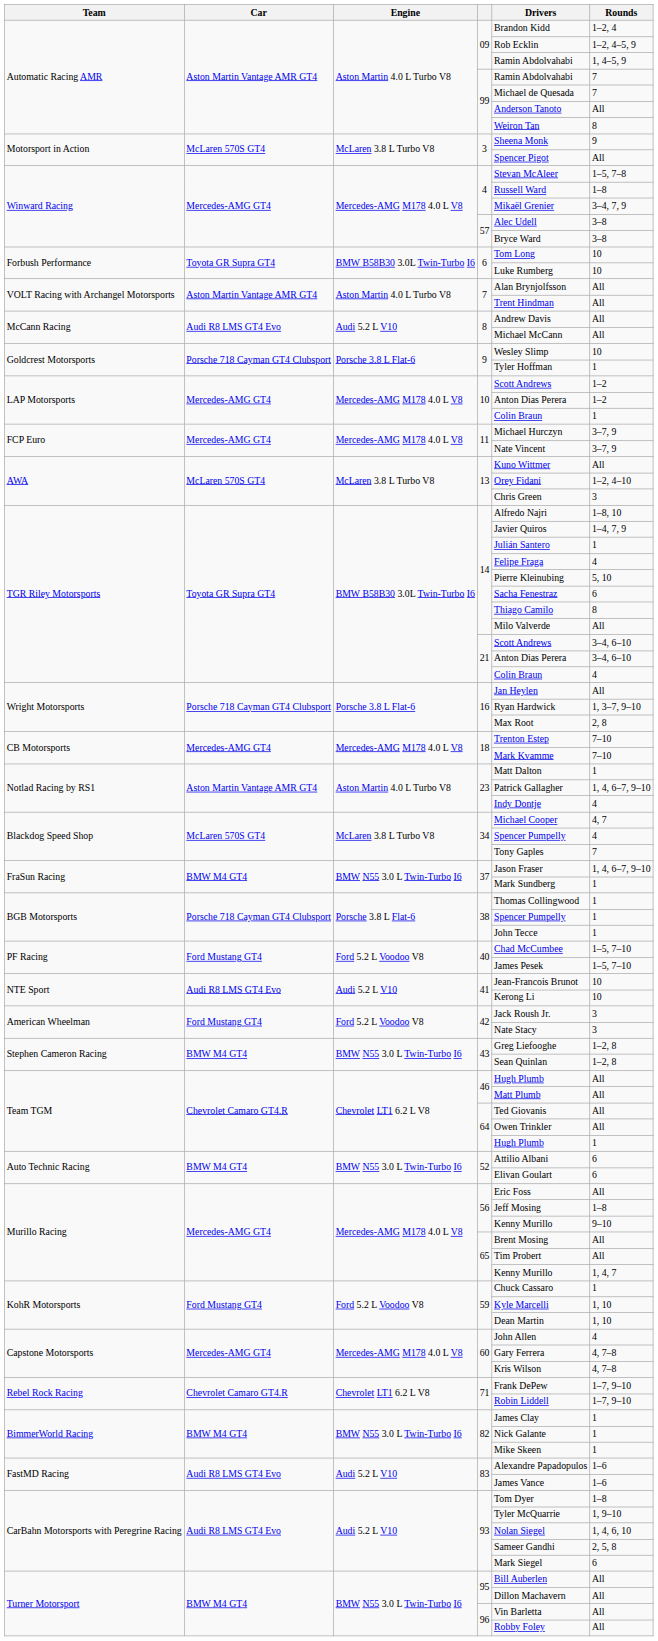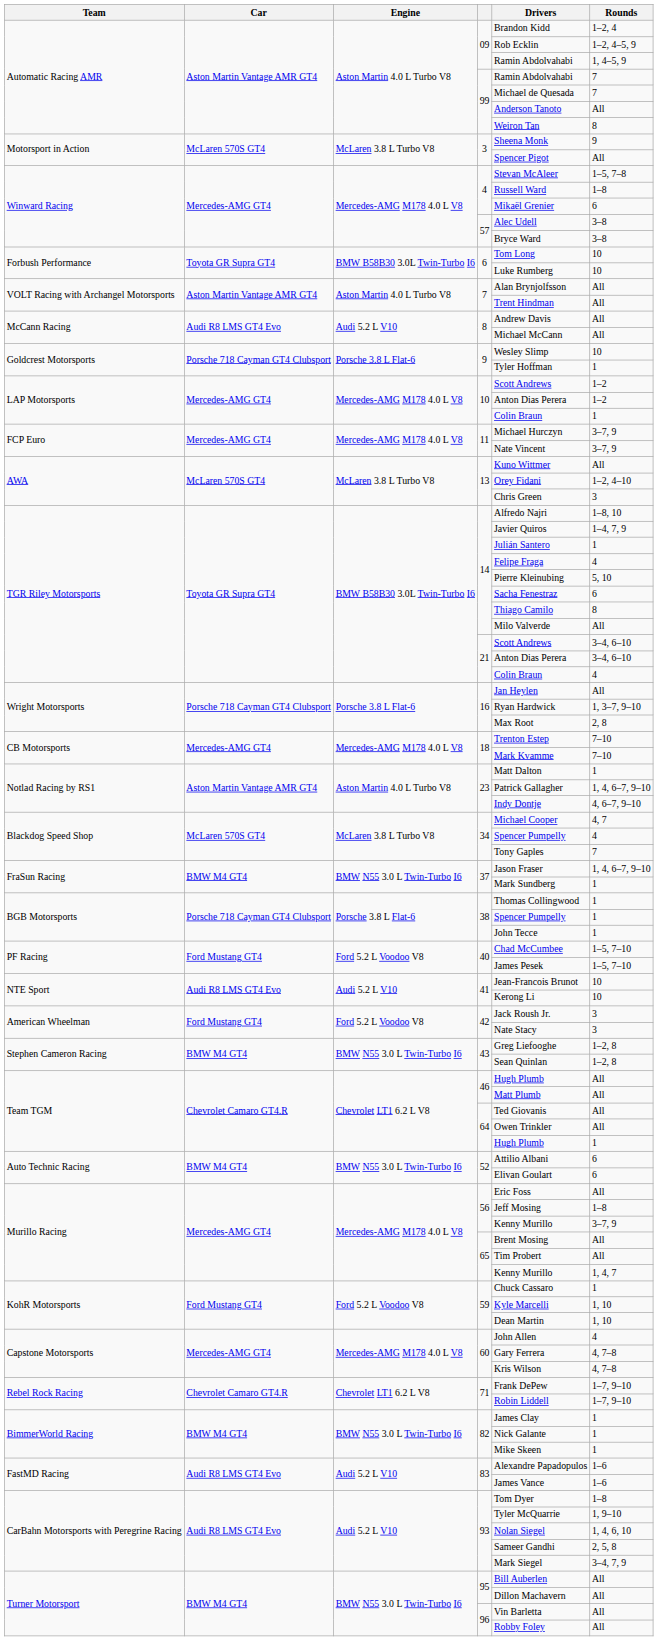 <table class="wikitable" style="font-size: 85%">
 <tr>
 <th>Team</th>
 <th>Car</th>
 <th>Engine</th>
 <th></th>
 <th>Drivers</th>
 <th>Rounds</th>
 </tr>
 <tr>
 <td rowspan="7"> Automatic Racing <a href='#'>AMR</a></td>
 <td rowspan="7"><a href='#'>Aston Martin Vantage AMR GT4</a></td>
 <td rowspan="7"><a href='#'>Aston Martin</a> 4.0 L Turbo V8</td>
 <td rowspan=3 align="center">09</td>
 <td> Brandon Kidd</td>
 <td>1–2, 4</td>
 </tr>
 <tr>
 <td> Rob Ecklin</td>
 <td>1–2, 4–5, 9</td>
 </tr>
 <tr>
 <td> Ramin Abdolvahabi</td>
 <td>1, 4–5, 9</td>
 </tr>
 <tr>
 <td rowspan="4" align="center">99</td>
 <td> Ramin Abdolvahabi</td>
 <td>7</td>
 </tr>
 <tr>
 <td> Michael de Quesada</td>
 <td>7</td>
 </tr>
 <tr>
 <td> <a href='#'>Anderson Tanoto</a></td>
 <td>All</td>
 </tr>
 <tr>
 <td> <a href='#'>Weiron Tan</a></td>
 <td>8</td>
 </tr>
 <tr>
 <td rowspan="2"> Motorsport in Action</td>
 <td rowspan="2"><a href='#'>McLaren 570S GT4</a></td>
 <td rowspan="2"><a href='#'>McLaren</a> 3.8 L Turbo V8</td>
 <td rowspan="2" align="center">3</td>
 <td> <a href='#'>Sheena Monk</a></td>
 <td>9</td>
 </tr>
 <tr>
 <td> <a href='#'>Spencer Pigot</a></td>
 <td>All</td>
 </tr>
 <tr>
 <td rowspan="5"> <a href='#'>Winward Racing</a></td>
 <td rowspan="5"><a href='#'>Mercedes-AMG GT4</a></td>
 <td rowspan="5"><a href='#'>Mercedes-AMG</a> <a href='#'>M178</a> 4.0 L <a href='#'>V8</a></td>
 <td rowspan="3" align="center">4</td>
 <td> <a href='#'>Stevan McAleer</a></td>
 <td>1–5, 7–8</td>
 </tr>
 <tr>
 <td> <a href='#'>Russell Ward</a></td>
 <td>1–8</td>
 </tr>
 <tr>
 <td> <a href='#'>Mikaël Grenier</a></td>
-<td>3–4, 7, 9</td>
+<td>6</td>
 </tr>
 <tr>
 <td rowspan="2" align="center">57</td>
 <td> <a href='#'>Alec Udell</a></td>
 <td>3–8</td>
 </tr>
 <tr>
 <td> Bryce Ward</td>
 <td>3–8</td>
 </tr>
 <tr>
 <td rowspan="2"> Forbush Performance</td>
 <td rowspan="2"><a href='#'>Toyota GR Supra GT4</a></td>
 <td rowspan="2"><a href='#'>BMW B58B30</a> 3.0L <a href='#'>Twin-Turbo</a> <a href='#'>I6</a></td>
 <td rowspan="2" align="center">6</td>
 <td> <a href='#'>Tom Long</a></td>
 <td>10</td>
 </tr>
 <tr>
 <td> Luke Rumberg</td>
 <td>10</td>
 </tr>
 <tr>
 <td rowspan="2"> VOLT Racing with Archangel Motorsports</td>
 <td rowspan="2"><a href='#'>Aston Martin Vantage AMR GT4</a></td>
 <td rowspan="2"><a href='#'>Aston Martin</a> 4.0 L Turbo V8</td>
 <td rowspan="2" align="center">7</td>
 <td> Alan Brynjolfsson</td>
 <td>All</td>
 </tr>
 <tr>
 <td> <a href='#'>Trent Hindman</a></td>
 <td>All</td>
 </tr>
 <tr>
 <td rowspan="2"> McCann Racing</td>
 <td rowspan="2"><a href='#'>Audi R8 LMS GT4 Evo</a></td>
 <td rowspan="2"><a href='#'>Audi</a> 5.2 L <a href='#'>V10</a></td>
 <td rowspan="2" align="center">8</td>
 <td> Andrew Davis</td>
 <td>All</td>
 </tr>
 <tr>
 <td> Michael McCann</td>
 <td>All</td>
 </tr>
 <tr>
 <td rowspan="2"> Goldcrest Motorsports</td>
 <td rowspan="2"><a href='#'>Porsche 718 Cayman GT4 Clubsport</a></td>
 <td rowspan="2"><a href='#'>Porsche 3.8 L Flat-6</a></td>
 <td rowspan="2" align="center">9</td>
 <td> Wesley Slimp</td>
 <td>10</td>
 </tr>
 <tr>
 <td> Tyler Hoffman</td>
 <td>1</td>
 </tr>
 <tr>
 <td rowspan=3> LAP Motorsports</td>
 <td rowspan=3><a href='#'>Mercedes-AMG GT4</a></td>
 <td rowspan=3><a href='#'>Mercedes-AMG</a> <a href='#'>M178</a> 4.0 L <a href='#'>V8</a></td>
 <td rowspan=3 align="center">10</td>
 <td> <a href='#'>Scott Andrews</a></td>
 <td>1–2</td>
 </tr>
 <tr>
 <td> Anton Dias Perera</td>
 <td>1–2</td>
 </tr>
 <tr>
 <td> <a href='#'>Colin Braun</a></td>
 <td>1</td>
 </tr>
 <tr>
 <td rowspan=2> FCP Euro</td>
 <td rowspan=2><a href='#'>Mercedes-AMG GT4</a></td>
 <td rowspan=2><a href='#'>Mercedes-AMG</a> <a href='#'>M178</a> 4.0 L <a href='#'>V8</a></td>
 <td rowspan=2 align="center">11</td>
 <td> Michael Hurczyn</td>
 <td>3–7, 9</td>
 </tr>
 <tr>
 <td> Nate Vincent</td>
 <td>3–7, 9</td>
 </tr>
 <tr>
 <td rowspan=3> <a href='#'>AWA</a></td>
 <td rowspan=3><a href='#'>McLaren 570S GT4</a></td>
 <td rowspan=3><a href='#'>McLaren</a> 3.8 L Turbo V8</td>
 <td rowspan=3 align="center">13</td>
 <td> <a href='#'>Kuno Wittmer</a></td>
 <td>All</td>
 </tr>
 <tr>
 <td> <a href='#'>Orey Fidani</a></td>
 <td>1–2, 4–10</td>
 </tr>
 <tr>
 <td> Chris Green</td>
 <td>3</td>
 </tr>
 <tr>
 <td rowspan="11"> <a href='#'>TGR Riley Motorsports</a></td>
 <td rowspan="11"><a href='#'>Toyota GR Supra GT4</a></td>
 <td rowspan="11"><a href='#'>BMW B58B30</a> 3.0L <a href='#'>Twin-Turbo</a> <a href='#'>I6</a></td>
 <td rowspan="8" align="center">14</td>
 <td> Alfredo Najri</td>
 <td>1–8, 10</td>
 </tr>
 <tr>
 <td> Javier Quiros</td>
 <td>1–4, 7, 9</td>
 </tr>
 <tr>
 <td> <a href='#'>Julián Santero</a></td>
 <td>1</td>
 </tr>
 <tr>
 <td> <a href='#'>Felipe Fraga</a></td>
 <td>4</td>
 </tr>
 <tr>
 <td> Pierre Kleinubing</td>
 <td>5, 10</td>
 </tr>
 <tr>
 <td> <a href='#'>Sacha Fenestraz</a></td>
 <td>6</td>
 </tr>
 <tr>
 <td> <a href='#'>Thiago Camilo</a></td>
 <td>8</td>
 </tr>
 <tr>
 <td> Milo Valverde</td>
 <td>All</td>
 </tr>
 <tr>
 <td rowspan="3" align="center">21</td>
 <td> <a href='#'>Scott Andrews</a></td>
 <td>3–4, 6–10</td>
 </tr>
 <tr>
 <td> Anton Dias Perera</td>
 <td>3–4, 6–10</td>
 </tr>
 <tr>
 <td> <a href='#'>Colin Braun</a></td>
 <td>4</td>
 </tr>
 <tr>
 <td rowspan="3"> Wright Motorsports</td>
 <td rowspan="3"><a href='#'>Porsche 718 Cayman GT4 Clubsport</a></td>
 <td rowspan="3"><a href='#'>Porsche 3.8 L Flat-6</a></td>
 <td rowspan="3" align="center">16</td>
 <td> <a href='#'>Jan Heylen</a></td>
 <td>All</td>
 </tr>
 <tr>
 <td> Ryan Hardwick</td>
 <td>1, 3–7, 9–10</td>
 </tr>
 <tr>
 <td> Max Root</td>
 <td>2, 8</td>
 </tr>
 <tr>
 <td rowspan="2"> CB Motorsports</td>
 <td rowspan="2"><a href='#'>Mercedes-AMG GT4</a></td>
 <td rowspan="2"><a href='#'>Mercedes-AMG</a> <a href='#'>M178</a> 4.0 L <a href='#'>V8</a></td>
 <td rowspan="2" align="center">18</td>
 <td> <a href='#'>Trenton Estep</a></td>
 <td>7–10</td>
 </tr>
 <tr>
 <td> <a href='#'>Mark Kvamme</a></td>
 <td>7–10</td>
 </tr>
 <tr>
 <td rowspan="3"> Notlad Racing by RS1</td>
 <td rowspan="3"><a href='#'>Aston Martin Vantage AMR GT4</a></td>
 <td rowspan="3"><a href='#'>Aston Martin</a> 4.0 L Turbo V8</td>
 <td rowspan="3" align="center">23</td>
 <td> Matt Dalton</td>
 <td>1</td>
 </tr>
 <tr>
 <td> Patrick Gallagher</td>
 <td>1, 4, 6–7, 9–10</td>
 </tr>
 <tr>
 <td> <a href='#'>Indy Dontje</a></td>
-<td>4</td>
+<td>4, 6–7, 9–10</td>
 </tr>
 <tr>
 <td rowspan="3"> Blackdog Speed Shop</td>
 <td rowspan="3"><a href='#'>McLaren 570S GT4</a></td>
 <td rowspan="3"><a href='#'>McLaren</a> 3.8 L Turbo V8</td>
 <td rowspan="3" align="center">34</td>
 <td> <a href='#'>Michael Cooper</a></td>
 <td>4, 7</td>
 </tr>
 <tr>
 <td> <a href='#'>Spencer Pumpelly</a></td>
 <td>4</td>
 </tr>
 <tr>
 <td> Tony Gaples</td>
 <td>7</td>
 </tr>
 <tr>
 <td rowspan=2> FraSun Racing</td>
 <td rowspan=2><a href='#'>BMW M4 GT4</a></td>
 <td rowspan=2><a href='#'>BMW</a> <a href='#'>N55</a> 3.0 L <a href='#'>Twin-Turbo</a> <a href='#'>I6</a></td>
 <td rowspan=2 align="center">37</td>
 <td> Jason Fraser</td>
 <td>1, 4, 6–7, 9–10</td>
 </tr>
 <tr>
 <td> Mark Sundberg</td>
 <td>1</td>
 </tr>
 <tr>
 <td rowspan=3> BGB Motorsports</td>
 <td rowspan=3><a href='#'>Porsche 718 Cayman GT4 Clubsport</a></td>
 <td rowspan=3><a href='#'>Porsche</a> 3.8 L <a href='#'>Flat-6</a></td>
 <td rowspan=3 align="center">38</td>
 <td> Thomas Collingwood</td>
 <td>1</td>
 </tr>
 <tr>
 <td> <a href='#'>Spencer Pumpelly</a></td>
 <td>1</td>
 </tr>
 <tr>
 <td> John Tecce</td>
 <td>1</td>
 </tr>
 <tr>
 <td rowspan=2> PF Racing</td>
 <td rowspan=2><a href='#'>Ford Mustang GT4</a></td>
 <td rowspan=2><a href='#'>Ford</a> 5.2 L <a href='#'>Voodoo</a> V8</td>
 <td rowspan=2 align="center">40</td>
 <td> <a href='#'>Chad McCumbee</a></td>
 <td>1–5, 7–10</td>
 </tr>
 <tr>
 <td> James Pesek</td>
 <td>1–5, 7–10</td>
 </tr>
 <tr>
 <td rowspan="2"> NTE Sport</td>
 <td rowspan="2"><a href='#'>Audi R8 LMS GT4 Evo</a></td>
 <td rowspan="2"><a href='#'>Audi</a> 5.2 L <a href='#'>V10</a></td>
 <td rowspan="2" align="center">41</td>
 <td> Jean-Francois Brunot</td>
 <td>10</td>
 </tr>
 <tr>
 <td> Kerong Li</td>
 <td>10</td>
 </tr>
 <tr>
 <td rowspan=2> American Wheelman</td>
 <td rowspan=2><a href='#'>Ford Mustang GT4</a></td>
 <td rowspan=2><a href='#'>Ford</a> 5.2 L <a href='#'>Voodoo</a> V8</td>
 <td rowspan=2 align="center">42</td>
 <td> Jack Roush Jr.</td>
 <td>3</td>
 </tr>
 <tr>
 <td> Nate Stacy</td>
 <td>3</td>
 </tr>
 <tr>
 <td rowspan=2> Stephen Cameron Racing</td>
 <td rowspan=2><a href='#'>BMW M4 GT4</a></td>
 <td rowspan=2><a href='#'>BMW</a> <a href='#'>N55</a> 3.0 L <a href='#'>Twin-Turbo</a> <a href='#'>I6</a></td>
 <td rowspan=2 align="center">43</td>
 <td> Greg Liefooghe</td>
 <td>1–2, 8</td>
 </tr>
 <tr>
 <td> Sean Quinlan</td>
 <td>1–2, 8</td>
 </tr>
 <tr>
 <td rowspan=5> Team TGM</td>
 <td rowspan=5><a href='#'>Chevrolet Camaro GT4.R</a></td>
 <td rowspan=5><a href='#'>Chevrolet</a> <a href='#'>LT1</a> 6.2 L V8</td>
 <td rowspan=2 align="center">46</td>
 <td> <a href='#'>Hugh Plumb</a></td>
 <td>All</td>
 </tr>
 <tr>
 <td> <a href='#'>Matt Plumb</a></td>
 <td>All</td>
 </tr>
 <tr>
 <td rowspan=3 align="center">64</td>
 <td> Ted Giovanis</td>
 <td>All</td>
 </tr>
 <tr>
 <td> Owen Trinkler</td>
 <td>All</td>
 </tr>
 <tr>
 <td> <a href='#'>Hugh Plumb</a></td>
 <td>1</td>
 </tr>
 <tr>
 <td rowspan="2"> Auto Technic Racing</td>
 <td rowspan="2"><a href='#'>BMW M4 GT4</a></td>
 <td rowspan="2"><a href='#'>BMW</a> <a href='#'>N55</a> 3.0 L <a href='#'>Twin-Turbo</a> <a href='#'>I6</a></td>
 <td rowspan="2" align="center">52</td>
 <td> Attilio Albani</td>
 <td>6</td>
 </tr>
 <tr>
 <td> Elivan Goulart</td>
 <td>6</td>
 </tr>
 <tr>
 <td rowspan="6"> Murillo Racing</td>
 <td rowspan="6"><a href='#'>Mercedes-AMG GT4</a></td>
 <td rowspan="6"><a href='#'>Mercedes-AMG</a> <a href='#'>M178</a> 4.0 L <a href='#'>V8</a></td>
 <td rowspan="3" align="center">56</td>
 <td> Eric Foss</td>
 <td>All</td>
 </tr>
 <tr>
 <td> Jeff Mosing</td>
 <td>1–8</td>
 </tr>
 <tr>
 <td> Kenny Murillo</td>
-<td>9–10</td>
+<td>3–7, 9</td>
 </tr>
 <tr>
 <td rowspan="3" align="center">65</td>
 <td> Brent Mosing</td>
 <td>All</td>
 </tr>
 <tr>
 <td> Tim Probert</td>
 <td>All</td>
 </tr>
 <tr>
 <td> Kenny Murillo</td>
 <td>1, 4, 7</td>
 </tr>
 <tr>
 <td rowspan=3> KohR Motorsports</td>
 <td rowspan=3><a href='#'>Ford Mustang GT4</a></td>
 <td rowspan=3><a href='#'>Ford</a> 5.2 L <a href='#'>Voodoo</a> V8</td>
 <td rowspan=3 align="center">59</td>
 <td> Chuck Cassaro</td>
 <td>1</td>
 </tr>
 <tr>
 <td> <a href='#'>Kyle Marcelli</a></td>
 <td>1, 10</td>
 </tr>
 <tr>
 <td> Dean Martin</td>
 <td>1, 10</td>
 </tr>
 <tr>
 <td rowspan=3> Capstone Motorsports</td>
 <td rowspan=3><a href='#'>Mercedes-AMG GT4</a></td>
 <td rowspan=3><a href='#'>Mercedes-AMG</a> <a href='#'>M178</a> 4.0 L <a href='#'>V8</a></td>
 <td rowspan=3 align="center">60</td>
 <td> John Allen</td>
 <td>4</td>
 </tr>
 <tr>
 <td> Gary Ferrera</td>
 <td>4, 7–8</td>
 </tr>
 <tr>
 <td> Kris Wilson</td>
 <td>4, 7–8</td>
 </tr>
 <tr>
 <td rowspan=2> <a href='#'>Rebel Rock Racing</a></td>
 <td rowspan=2><a href='#'>Chevrolet Camaro GT4.R</a></td>
 <td rowspan=2><a href='#'>Chevrolet</a> <a href='#'>LT1</a> 6.2 L V8</td>
 <td rowspan=2 align="center">71</td>
 <td> Frank DePew</td>
 <td>1–7, 9–10</td>
 </tr>
 <tr>
 <td> <a href='#'>Robin Liddell</a></td>
 <td>1–7, 9–10</td>
 </tr>
 <tr>
 <td rowspan=3> <a href='#'>BimmerWorld Racing</a></td>
 <td rowspan=3><a href='#'>BMW M4 GT4</a></td>
 <td rowspan=3><a href='#'>BMW</a> <a href='#'>N55</a> 3.0 L <a href='#'>Twin-Turbo</a> <a href='#'>I6</a></td>
 <td rowspan=3 align="center">82</td>
 <td> James Clay</td>
 <td>1</td>
 </tr>
 <tr>
 <td> Nick Galante</td>
 <td>1</td>
 </tr>
 <tr>
 <td> Mike Skeen</td>
 <td>1</td>
 </tr>
 <tr>
 <td rowspan=2> FastMD Racing</td>
 <td rowspan=2><a href='#'>Audi R8 LMS GT4 Evo</a></td>
 <td rowspan=2><a href='#'>Audi</a> 5.2 L <a href='#'>V10</a></td>
 <td rowspan=2 align="center">83</td>
 <td> Alexandre Papadopulos</td>
 <td>1–6</td>
 </tr>
 <tr>
 <td> James Vance</td>
 <td>1–6</td>
 </tr>
 <tr>
 <td rowspan="5"> CarBahn Motorsports with Peregrine Racing</td>
 <td rowspan="5"><a href='#'>Audi R8 LMS GT4 Evo</a></td>
 <td rowspan="5"><a href='#'>Audi</a> 5.2 L <a href='#'>V10</a></td>
 <td rowspan="5" align="center">93</td>
 <td> Tom Dyer</td>
 <td>1–8</td>
 </tr>
 <tr>
 <td> Tyler McQuarrie</td>
 <td>1, 9–10</td>
 </tr>
 <tr>
 <td> <a href='#'>Nolan Siegel</a></td>
 <td>1, 4, 6, 10</td>
 </tr>
 <tr>
 <td> Sameer Gandhi</td>
 <td>2, 5, 8</td>
 </tr>
 <tr>
 <td> Mark Siegel</td>
-<td>6</td>
+<td>3–4, 7, 9</td>
 </tr>
 <tr>
 <td rowspan="4"> <a href='#'>Turner Motorsport</a></td>
 <td rowspan="4"><a href='#'>BMW M4 GT4</a></td>
 <td rowspan="4"><a href='#'>BMW</a> <a href='#'>N55</a> 3.0 L <a href='#'>Twin-Turbo</a> <a href='#'>I6</a></td>
 <td rowspan="2" align="center">95</td>
 <td> <a href='#'>Bill Auberlen</a></td>
 <td>All</td>
 </tr>
 <tr>
 <td> Dillon Machavern</td>
 <td>All</td>
 </tr>
 <tr>
 <td rowspan="2" align="center">96</td>
 <td> Vin Barletta</td>
 <td>All</td>
 </tr>
 <tr>
 <td> <a href='#'>Robby Foley</a></td>
 <td>All</td>
 </tr>
 </table>
